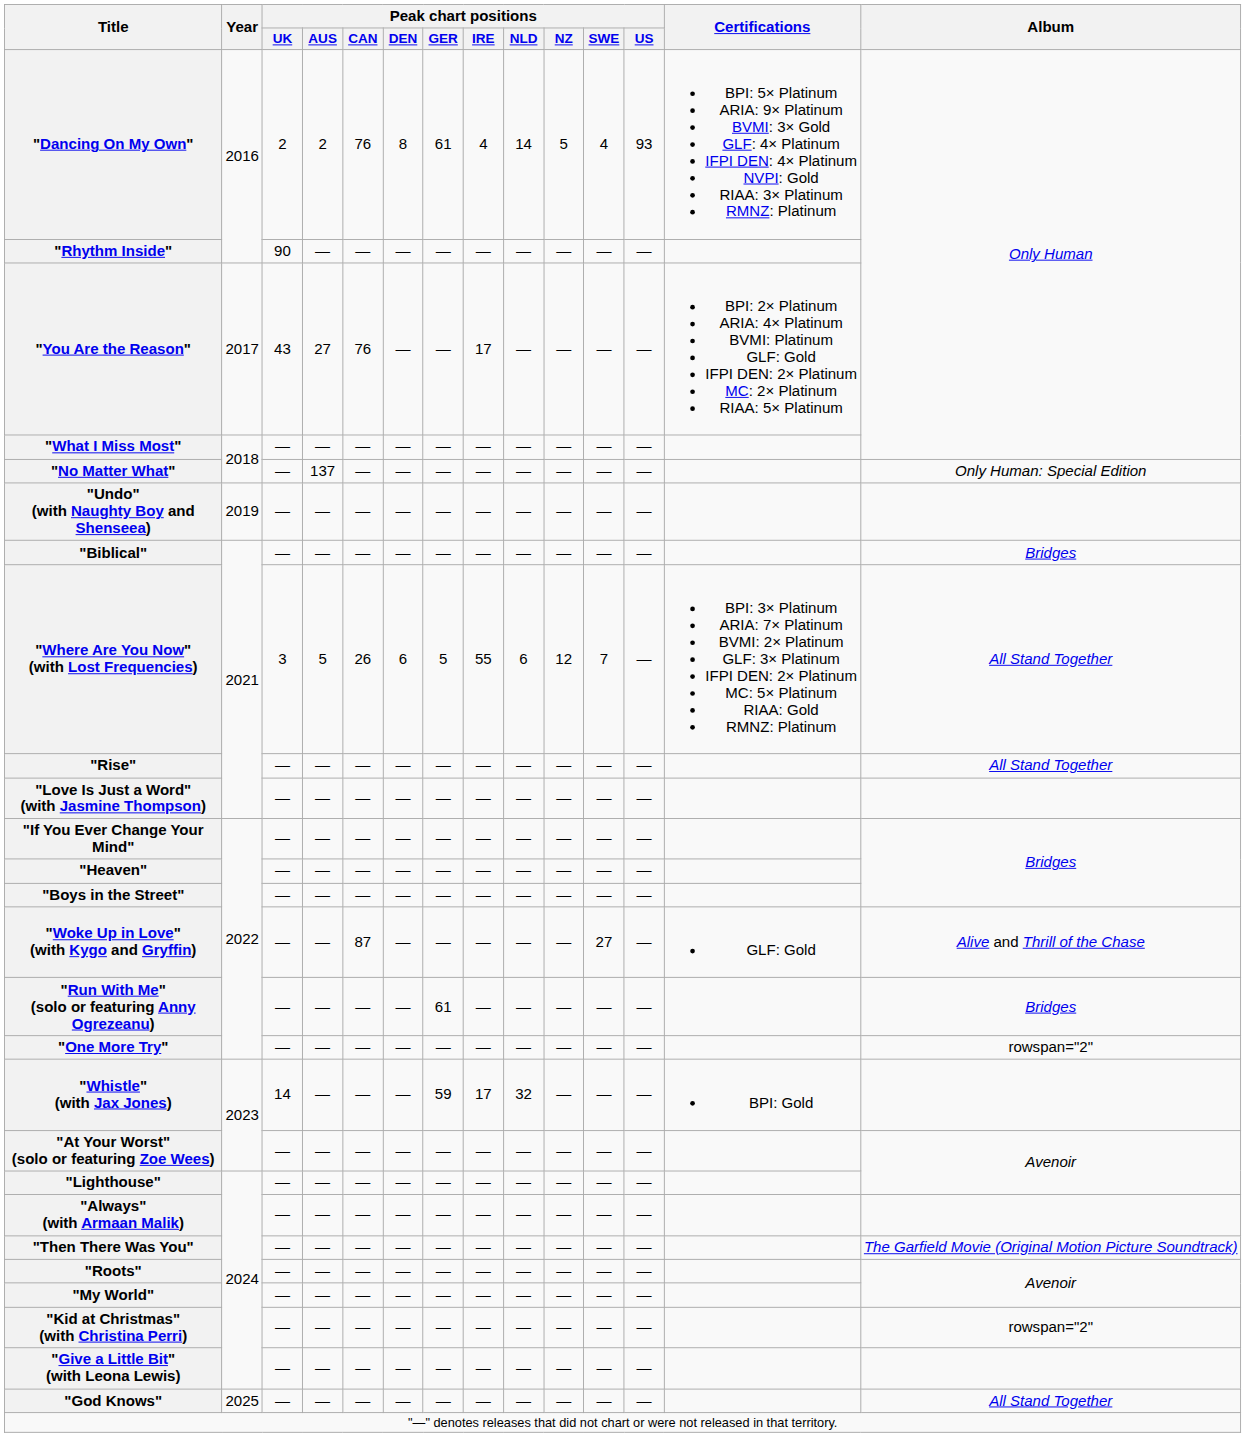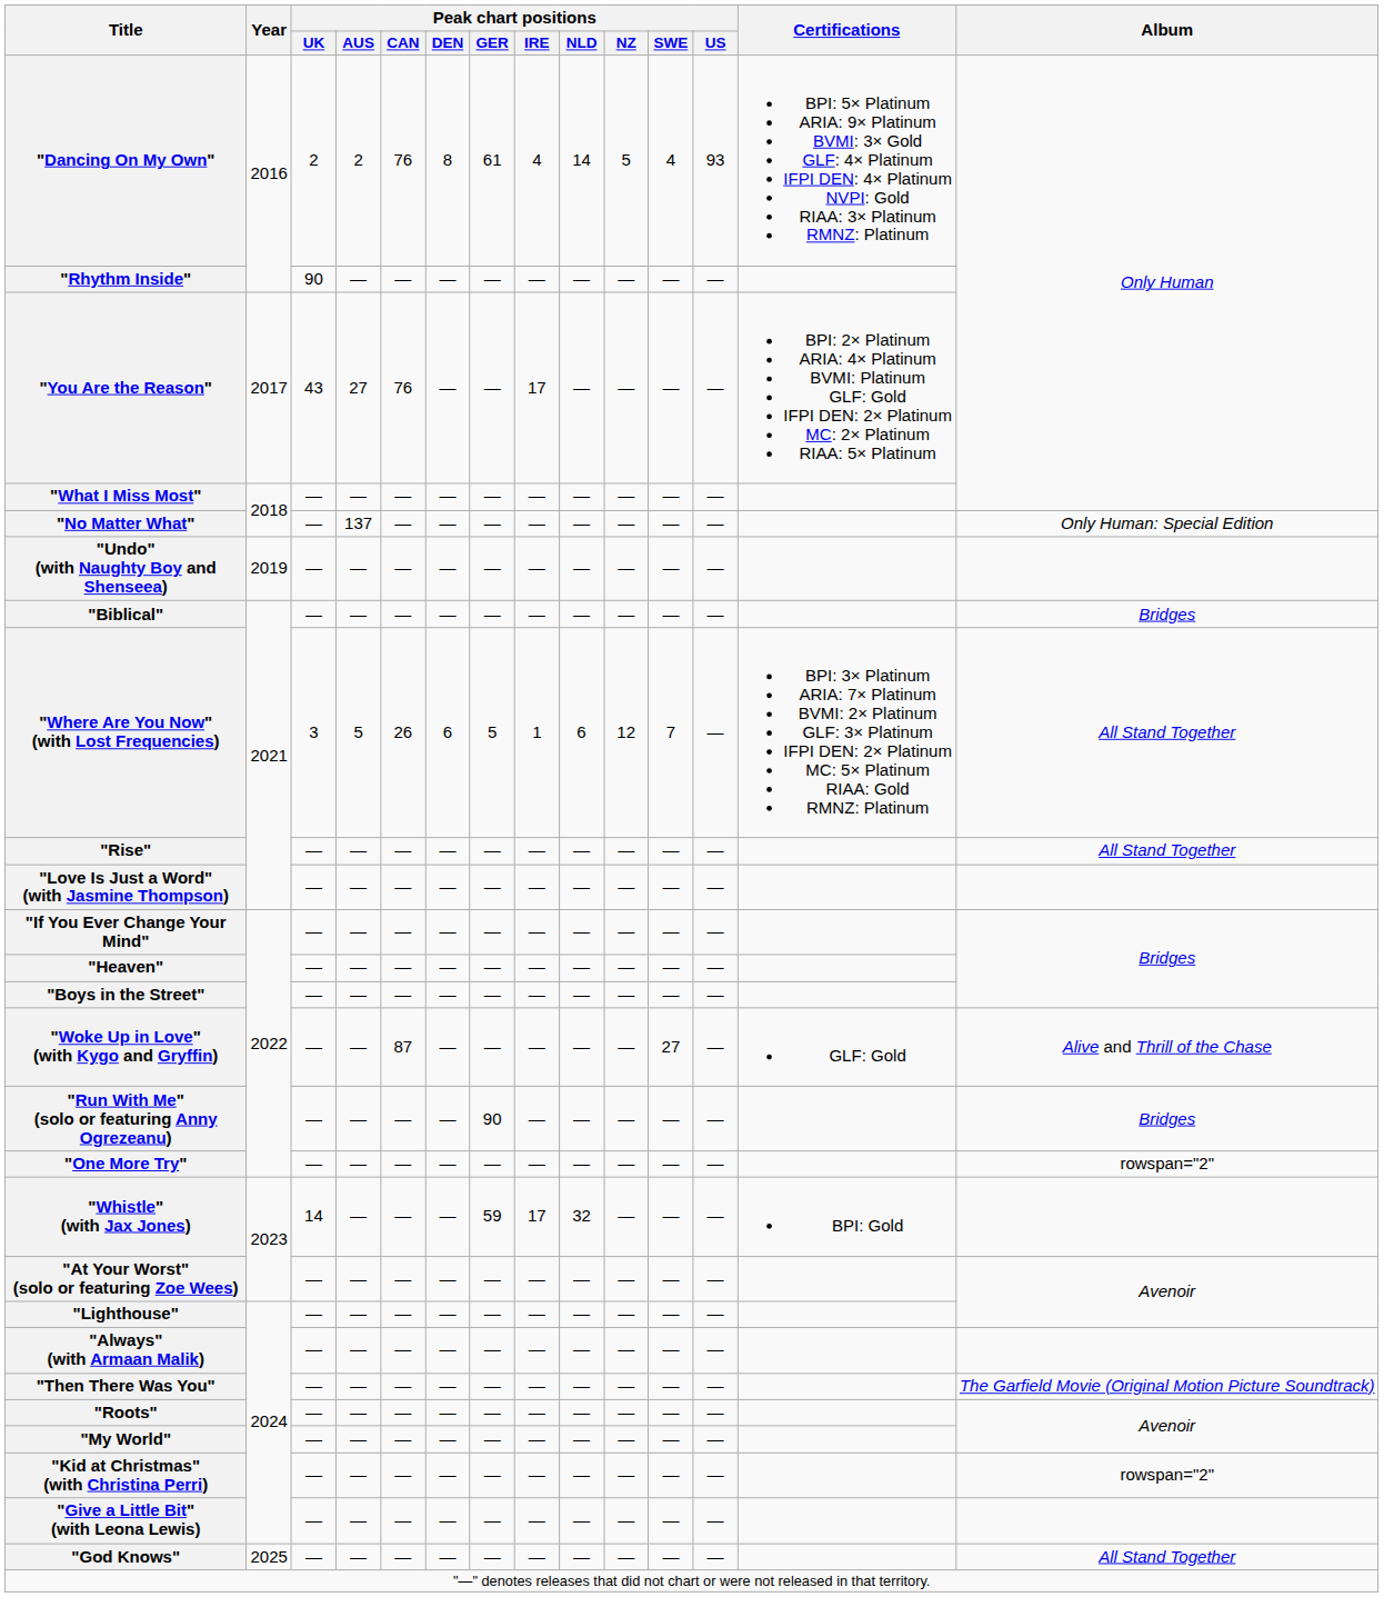 <table class="wikitable plainrowheaders" style="text-align:center;">
 <tr>
 <th scope="col" rowspan="2" style="width:14em;">Title</th>
 <th scope="col" rowspan="2">Year</th>
 <th scope="col" colspan="10">Peak chart positions</th>
 <th scope="col" rowspan="2"><a href='#'>Certifications</a></th>
 <th scope="col" rowspan="2">Album</th>
 </tr>
 <tr>
 <th scope="col" style="width:2.5em;font-size:90%;"><a href='#'>UK</a><br></th>
 <th scope="col" style="width:2.5em;font-size:90%;"><a href='#'>AUS</a><br></th>
 <th scope="col" style="width:2.5em;font-size:90%;"><a href='#'>CAN</a><br></th>
 <th scope="col" style="width:2.5em;font-size:90%;"><a href='#'>DEN</a><br></th>
 <th scope="col" style="width:2.5em;font-size:90%;"><a href='#'>GER</a><br></th>
 <th scope="col" style="width:2.5em;font-size:90%;"><a href='#'>IRE</a><br></th>
 <th scope="col" style="width:2.5em;font-size:90%;"><a href='#'>NLD</a><br></th>
 <th scope="col" style="width:2.5em;font-size:90%;"><a href='#'>NZ</a><br></th>
 <th scope="col" style="width:2.5em;font-size:90%;"><a href='#'>SWE</a><br></th>
 <th scope="col" style="width:2.5em;font-size:90%;"><a href='#'>US</a><br></th>
 </tr>
 <tr>
 <th scope="row">"<a href='#'>Dancing On My Own</a>"</th>
 <td rowspan="2">2016</td>
 <td>2</td>
 <td>2</td>
 <td>76</td>
 <td>8</td>
 <td>61</td>
 <td>4</td>
 <td>14</td>
 <td>5</td>
 <td>4</td>
 <td>93</td>
 <td><br><ul><li>BPI: 5× Platinum</li><li>ARIA: 9× Platinum</li><li><a href='#'>BVMI</a>: 3× Gold</li><li><a href='#'>GLF</a>: 4× Platinum</li><li><a href='#'>IFPI DEN</a>: 4× Platinum</li><li><a href='#'>NVPI</a>: Gold</li><li>RIAA: 3× Platinum</li><li><a href='#'>RMNZ</a>: Platinum</li></ul></td>
 <td rowspan="4"><em><a href='#'>Only Human</a></em></td>
 </tr>
 <tr>
 <th scope="row">"<a href='#'>Rhythm Inside</a>"</th>
 <td>90</td>
 <td>—</td>
 <td>—</td>
 <td>—</td>
 <td>—</td>
 <td>—</td>
 <td>—</td>
 <td>—</td>
 <td>—</td>
 <td>—</td>
 <td></td>
 </tr>
 <tr>
 <th scope="row">"<a href='#'>You Are the Reason</a>"<br></th>
 <td>2017</td>
 <td>43</td>
 <td>27</td>
 <td>76</td>
 <td>—</td>
 <td>—</td>
 <td>17</td>
 <td>—</td>
 <td>—</td>
 <td>—</td>
 <td>—</td>
 <td><br><ul><li>BPI: 2× Platinum</li><li>ARIA: 4× Platinum</li><li>BVMI: Platinum</li><li>GLF: Gold</li><li>IFPI DEN: 2× Platinum</li><li><a href='#'>MC</a>: 2× Platinum</li><li>RIAA: 5× Platinum</li></ul></td>
 </tr>
 <tr>
 <th scope="row">"<a href='#'>What I Miss Most</a>"</th>
 <td rowspan="2">2018</td>
 <td>—</td>
 <td>—</td>
 <td>—</td>
 <td>—</td>
 <td>—</td>
 <td>—</td>
 <td>—</td>
 <td>—</td>
 <td>—</td>
 <td>—</td>
 <td></td>
 </tr>
 <tr>
 <th scope="row">"<a href='#'>No Matter What</a>"</th>
 <td>—</td>
 <td>137</td>
 <td>—</td>
 <td>—</td>
 <td>—</td>
 <td>—</td>
 <td>—</td>
 <td>—</td>
 <td>—</td>
 <td>—</td>
 <td></td>
 <td><em>Only Human: Special Edition</em></td>
 </tr>
 <tr>
 <th scope="row">"Undo"<br><span> (with <a href='#'>Naughty Boy</a> and <a href='#'>Shenseea</a>)</span></th>
 <td>2019</td>
 <td>—</td>
 <td>—</td>
 <td>—</td>
 <td>—</td>
 <td>—</td>
 <td>—</td>
 <td>—</td>
 <td>—</td>
 <td>—</td>
 <td>—</td>
 <td></td>
 <td></td>
 </tr>
 <tr>
 <th scope="row">"Biblical"</th>
 <td rowspan="4">2021</td>
 <td>—</td>
 <td>—</td>
 <td>—</td>
 <td>—</td>
 <td>—</td>
 <td>—</td>
 <td>—</td>
 <td>—</td>
 <td>—</td>
 <td>—</td>
 <td></td>
 <td><em><a href='#'>Bridges</a></em></td>
 </tr>
 <tr>
 <th scope="row">"<a href='#'>Where Are You Now</a>"<br><span> (with <a href='#'>Lost Frequencies</a>)</span></th>
 <td>3</td>
 <td>5</td>
 <td>26</td>
 <td>6</td>
 <td>5</td>
-<td>55</td>
+<td>1</td>
 <td>6</td>
 <td>12</td>
 <td>7</td>
 <td>—</td>
 <td><br><ul><li>BPI: 3× Platinum</li><li>ARIA: 7× Platinum</li><li>BVMI: 2× Platinum</li><li>GLF: 3× Platinum</li><li>IFPI DEN: 2× Platinum</li><li>MC: 5× Platinum</li><li>RIAA: Gold</li><li>RMNZ: Platinum</li></ul></td>
 <td><em><a href='#'>All Stand Together</a></em></td>
 </tr>
 <tr>
 <th scope="row">"Rise"</th>
 <td>—</td>
 <td>—</td>
 <td>—</td>
 <td>—</td>
 <td>—</td>
 <td>—</td>
 <td>—</td>
 <td>—</td>
 <td>—</td>
 <td>—</td>
 <td></td>
 <td><em><a href='#'>All Stand Together</a></em></td>
 </tr>
 <tr>
 <th scope="row">"Love Is Just a Word"<br><span>(with <a href='#'>Jasmine Thompson</a>)</span></th>
 <td>—</td>
 <td>—</td>
 <td>—</td>
 <td>—</td>
 <td>—</td>
 <td>—</td>
 <td>—</td>
 <td>—</td>
 <td>—</td>
 <td>—</td>
 <td></td>
 <td></td>
 </tr>
 <tr>
 <th scope="row">"If You Ever Change Your Mind"</th>
 <td rowspan="6">2022</td>
 <td>—</td>
 <td>—</td>
 <td>—</td>
 <td>—</td>
 <td>—</td>
 <td>—</td>
 <td>—</td>
 <td>—</td>
 <td>—</td>
 <td>—</td>
 <td></td>
 <td rowspan="3"><em><a href='#'>Bridges</a></em></td>
 </tr>
 <tr>
 <th scope="row">"Heaven"<br></th>
 <td>—</td>
 <td>—</td>
 <td>—</td>
 <td>—</td>
 <td>—</td>
 <td>—</td>
 <td>—</td>
 <td>—</td>
 <td>—</td>
 <td>—</td>
 </tr>
 <tr>
 <th scope="row">"Boys in the Street"</th>
 <td>—</td>
 <td>—</td>
 <td>—</td>
 <td>—</td>
 <td>—</td>
 <td>—</td>
 <td>—</td>
 <td>—</td>
 <td>—</td>
 <td>—</td>
 <td></td>
 </tr>
 <tr>
 <th scope="row">"<a href='#'>Woke Up in Love</a>" <br><span>(with <a href='#'>Kygo</a> and <a href='#'>Gryffin</a>)</span></th>
 <td>—</td>
 <td>—</td>
 <td>87</td>
 <td>—</td>
 <td>—</td>
 <td>—</td>
 <td>—</td>
 <td>—</td>
 <td>27</td>
 <td>—</td>
 <td><br><ul><li>GLF: Gold</li></ul></td>
 <td><em><a href='#'>Alive</a></em> and <em><a href='#'>Thrill of the Chase</a></em></td>
 </tr>
 <tr>
 <th scope="row">"<a href='#'>Run With Me</a>"<br><span>(solo or featuring <a href='#'>Anny Ogrezeanu</a>)</span></th>
 <td>—</td>
 <td>—</td>
 <td>—</td>
 <td>—</td>
-<td>61</td>
+<td>90</td>
 <td>—</td>
 <td>—</td>
 <td>—</td>
 <td>—</td>
 <td>—</td>
 <td></td>
 <td><em><a href='#'>Bridges</a></em></td>
 </tr>
 <tr>
 <th scope="row">"<a href='#'>One More Try</a>"</th>
 <td>—</td>
 <td>—</td>
 <td>—</td>
 <td>—</td>
 <td>—</td>
 <td>—</td>
 <td>—</td>
 <td>—</td>
 <td>—</td>
 <td>—</td>
 <td></td>
 <td>rowspan="2" </td>
 </tr>
 <tr>
 <th scope="row">"<a href='#'>Whistle</a>"<br><span>(with <a href='#'>Jax Jones</a>)</span></th>
 <td rowspan="2">2023</td>
 <td>14</td>
 <td>—</td>
 <td>—</td>
 <td>—</td>
 <td>59</td>
 <td>17</td>
 <td>32</td>
 <td>—</td>
 <td>—</td>
 <td>—</td>
 <td><br><ul><li>BPI: Gold</li></ul></td>
 </tr>
 <tr>
 <th scope="row">"At Your Worst"<br><span>(solo or featuring <a href='#'>Zoe Wees</a>)</span></th>
 <td>—</td>
 <td>—</td>
 <td>—</td>
 <td>—</td>
 <td>—</td>
 <td>—</td>
 <td>—</td>
 <td>—</td>
 <td>—</td>
 <td>—</td>
 <td></td>
 <td rowspan="2"><em>Avenoir</em></td>
 </tr>
 <tr>
 <th scope="row">"Lighthouse"</th>
 <td rowspan="7">2024</td>
 <td>—</td>
 <td>—</td>
 <td>—</td>
 <td>—</td>
 <td>—</td>
 <td>—</td>
 <td>—</td>
 <td>—</td>
 <td>—</td>
 <td>—</td>
 <td></td>
 </tr>
 <tr>
 <th scope="row">"Always"<br><span>(with <a href='#'>Armaan Malik</a>)</span></th>
 <td>—</td>
 <td>—</td>
 <td>—</td>
 <td>—</td>
 <td>—</td>
 <td>—</td>
 <td>—</td>
 <td>—</td>
 <td>—</td>
 <td>—</td>
 <td></td>
 <td></td>
 </tr>
 <tr>
 <th scope="row">"Then There Was You"</th>
 <td>—</td>
 <td>—</td>
 <td>—</td>
 <td>—</td>
 <td>—</td>
 <td>—</td>
 <td>—</td>
 <td>—</td>
 <td>—</td>
 <td>—</td>
 <td></td>
 <td><em><a href='#'>The Garfield Movie (Original Motion Picture Soundtrack)</a></em></td>
 </tr>
 <tr>
 <th scope="row">"Roots"</th>
 <td>—</td>
 <td>—</td>
 <td>—</td>
 <td>—</td>
 <td>—</td>
 <td>—</td>
 <td>—</td>
 <td>—</td>
 <td>—</td>
 <td>—</td>
 <td></td>
 <td rowspan="2"><em>Avenoir</em></td>
 </tr>
 <tr>
 <th scope="row">"My World"</th>
 <td>—</td>
 <td>—</td>
 <td>—</td>
 <td>—</td>
 <td>—</td>
 <td>—</td>
 <td>—</td>
 <td>—</td>
 <td>—</td>
 <td>—</td>
 <td></td>
 </tr>
 <tr>
 <th scope="row">"Kid at Christmas"<br><span>(with <a href='#'>Christina Perri</a>)</span></th>
 <td>—</td>
 <td>—</td>
 <td>—</td>
 <td>—</td>
 <td>—</td>
 <td>—</td>
 <td>—</td>
 <td>—</td>
 <td>—</td>
 <td>—</td>
 <td></td>
 <td>rowspan="2" </td>
 </tr>
 <tr>
 <th scope="row">"<a href='#'>Give a Little Bit</a>"<br><span>(with Leona Lewis)</span></th>
 <td>—</td>
 <td>—</td>
 <td>—</td>
 <td>—</td>
 <td>—</td>
 <td>—</td>
 <td>—</td>
 <td>—</td>
 <td>—</td>
 <td>—</td>
 <td></td>
 </tr>
 <tr>
 <th scope="row">"God Knows"</th>
 <td rowspan="1">2025</td>
 <td>—</td>
 <td>—</td>
 <td>—</td>
 <td>—</td>
 <td>—</td>
 <td>—</td>
 <td>—</td>
 <td>—</td>
 <td>—</td>
 <td>—</td>
 <td></td>
 <td><em><a href='#'>All Stand Together</a></em></td>
 </tr>
 <tr>
 <td colspan="16" style="font-size:85%">"—" denotes releases that did not chart or were not released in that territory.</td>
 </tr>
 </table>
